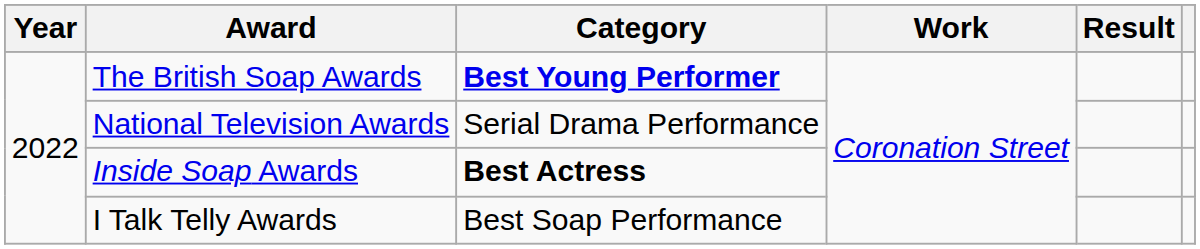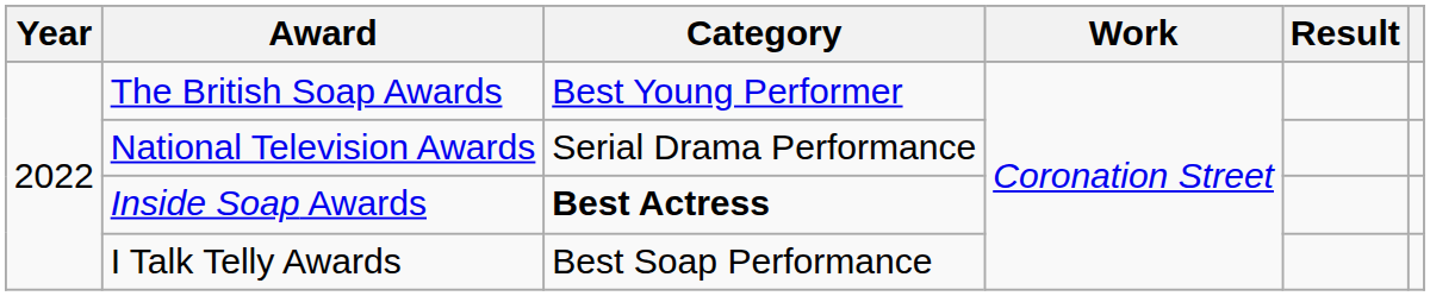 <table class="wikitable">
 <tr>
 <th>Year</th>
 <th>Award</th>
 <th>Category</th>
 <th>Work</th>
 <th>Result</th>
 <th></th>
 </tr>
 <tr>
 <td rowspan="4">2022</td>
 <td><a href='#'>The British Soap Awards</a></td>
-<td><strong><a href='#'>Best Young Performer</a></strong></td>
+<td><a href='#'>Best Young Performer</a></td>
 <td rowspan="4"><em><a href='#'>Coronation Street</a></em></td>
 <td></td>
 <td align="center"></td>
 </tr>
 <tr>
 <td><a href='#'>National Television Awards</a></td>
 <td>Serial Drama Performance</td>
 <td></td>
 <td align="center"></td>
 </tr>
 <tr>
 <td><a href='#'><em>Inside Soap</em> Awards</a></td>
 <td><strong>Best Actress</strong></td>
 <td></td>
 <td align="center"></td>
 </tr>
 <tr>
 <td>I Talk Telly Awards</td>
 <td>Best Soap Performance</td>
 <td></td>
 <td align="center"></td>
 </tr>
 </table>
